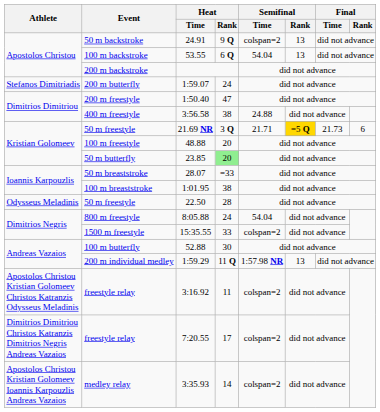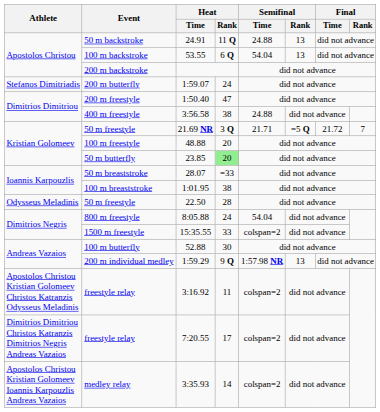 <table class=wikitable style="font-size:90%">
 <tr>
 <th rowspan="2">Athlete</th>
 <th rowspan="2">Event</th>
 <th colspan="2">Heat</th>
 <th colspan="2">Semifinal</th>
 <th colspan="2">Final</th>
 </tr>
 <tr style="font-size:95%">
 <th>Time</th>
 <th>Rank</th>
 <th>Time</th>
 <th>Rank</th>
 <th>Time</th>
 <th>Rank</th>
 </tr>
 <tr align=center>
 <td align=left rowspan=3><a href='#'>Apostolos Christou</a></td>
 <td align=left><a href='#'>50 m backstroke</a></td>
 <td>24.91</td>
-<td>9 <strong>Q</strong></td>
-<td>colspan=2 </td>
+<td>11 <strong>Q</strong></td>
+<td>24.88</td>
 <td>13</td>
 <td colspan=2>did not advance</td>
 </tr>
 <tr align=center>
 <td align=left><a href='#'>100 m backstroke</a></td>
 <td>53.55</td>
 <td>6 <strong>Q</strong></td>
 <td>54.04</td>
 <td>13</td>
 <td colspan=2>did not advance</td>
 </tr>
 <tr align=center>
 <td align=left><a href='#'>200 m backstroke</a></td>
 <td colspan=2></td>
 <td colspan=4>did not advance</td>
 </tr>
 <tr align=center>
 <td align=left><a href='#'>Stefanos Dimitriadis</a></td>
 <td align=left><a href='#'>200 m butterfly</a></td>
 <td>1:59.07</td>
 <td>24</td>
 <td colspan=4>did not advance</td>
 </tr>
 <tr align=center>
 <td align=left rowspan=2><a href='#'>Dimitrios Dimitriou</a></td>
 <td align=left><a href='#'>200 m freestyle</a></td>
 <td>1:50.40</td>
 <td>47</td>
 <td colspan=4>did not advance</td>
 </tr>
 <tr align=center>
 <td align=left><a href='#'>400 m freestyle</a></td>
 <td>3:56.58</td>
 <td>38</td>
 <td>24.88</td>
 <td colspan=2>did not advance</td>
 </tr>
 <tr align=center>
 <td align=left rowspan=3><a href='#'>Kristian Golomeev</a></td>
 <td align=left><a href='#'>50 m freestyle</a></td>
 <td>21.69 <strong><a href='#'>NR</a></strong></td>
 <td>3 <strong>Q</strong></td>
 <td>21.71</td>
-<td style="background: gold;">=5 <strong>Q</strong></td>
-<td>21.73</td>
-<td>6</td>
+<td>=5 <strong>Q</strong></td>
+<td>21.72</td>
+<td>7</td>
 </tr>
 <tr align=center>
 <td align=left><a href='#'>100 m freestyle</a></td>
 <td>48.88</td>
 <td>20</td>
 <td colspan=4>did not advance</td>
 </tr>
 <tr align=center>
 <td align=left><a href='#'>50 m butterfly</a></td>
 <td>23.85</td>
 <td style="background: lightgreen;">20</td>
 <td colspan=4>did not advance</td>
 </tr>
 <tr align=center>
 <td align=left rowspan=2><a href='#'>Ioannis Karpouzlis</a></td>
 <td align=left><a href='#'>50 m breaststroke</a></td>
 <td>28.07</td>
 <td>=33</td>
 <td colspan=4>did not advance</td>
 </tr>
 <tr align=center>
 <td align=left><a href='#'>100 m breaststroke</a></td>
 <td>1:01.95</td>
 <td>38</td>
 <td colspan=4>did not advance</td>
 </tr>
 <tr align=center>
 <td align=left><a href='#'>Odysseus Meladinis</a></td>
 <td align=left><a href='#'>50 m freestyle</a></td>
 <td>22.50</td>
 <td>28</td>
 <td colspan=4>did not advance</td>
 </tr>
 <tr align=center>
 <td align=left rowspan=2><a href='#'>Dimitrios Negris</a></td>
 <td align=left><a href='#'>800 m freestyle</a></td>
 <td>8:05.88</td>
 <td>24</td>
 <td>54.04</td>
 <td colspan=2>did not advance</td>
 </tr>
 <tr align=center>
 <td align=left><a href='#'>1500 m freestyle</a></td>
 <td>15:35.55</td>
 <td>33</td>
 <td>colspan=2 </td>
 <td colspan=2>did not advance</td>
 </tr>
 <tr align=center>
 <td align=left rowspan=2><a href='#'>Andreas Vazaios</a></td>
 <td align=left><a href='#'>100 m butterfly</a></td>
 <td>52.88</td>
 <td>30</td>
 <td colspan=4>did not advance</td>
 </tr>
 <tr align=center>
 <td align=left><a href='#'>200 m individual medley</a></td>
 <td>1:59.29</td>
-<td>11 <strong>Q</strong></td>
+<td>9 <strong>Q</strong></td>
 <td>1:57.98 <strong><a href='#'>NR</a></strong></td>
 <td>13</td>
 <td colspan=2>did not advance</td>
 </tr>
 <tr align=center>
 <td align=left><a href='#'>Apostolos Christou</a><br><a href='#'>Kristian Golomeev</a><br><a href='#'>Christos Katranzis</a><br><a href='#'>Odysseus Meladinis</a></td>
 <td align=left><a href='#'> freestyle relay</a></td>
 <td>3:16.92</td>
 <td>11</td>
 <td>colspan=2 </td>
 <td colspan=2>did not advance</td>
 </tr>
 <tr align=center>
 <td align=left><a href='#'>Dimitrios Dimitriou</a><br> <a href='#'>Christos Katranzis</a><br><a href='#'>Dimitrios Negris</a><br><a href='#'>Andreas Vazaios</a></td>
 <td align=left><a href='#'> freestyle relay</a></td>
 <td>7:20.55</td>
 <td>17</td>
 <td>colspan=2 </td>
 <td colspan=2>did not advance</td>
 </tr>
 <tr align=center>
 <td align=left><a href='#'>Apostolos Christou</a><br><a href='#'>Kristian Golomeev</a><br><a href='#'>Ioannis Karpouzlis</a><br><a href='#'>Andreas Vazaios</a></td>
 <td align=left><a href='#'> medley relay</a></td>
 <td>3:35.93</td>
 <td>14</td>
 <td>colspan=2 </td>
 <td colspan=2>did not advance</td>
 </tr>
 </table>
